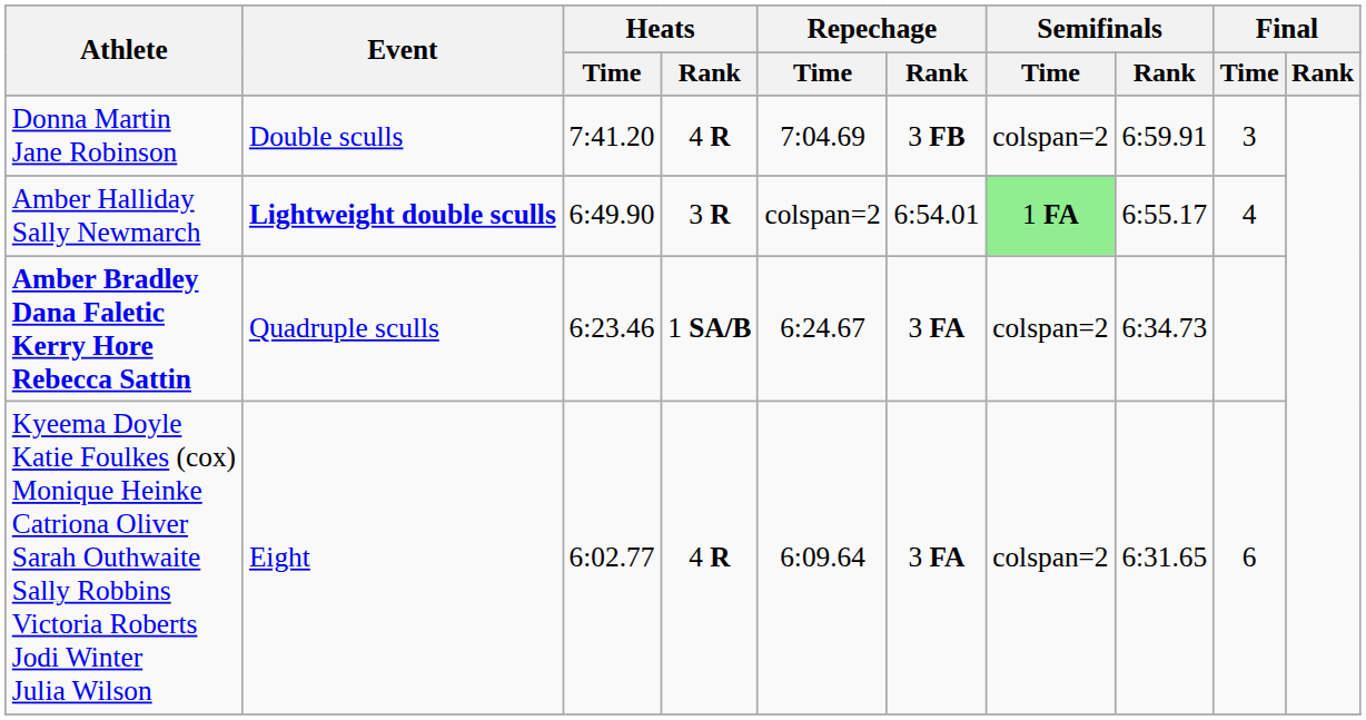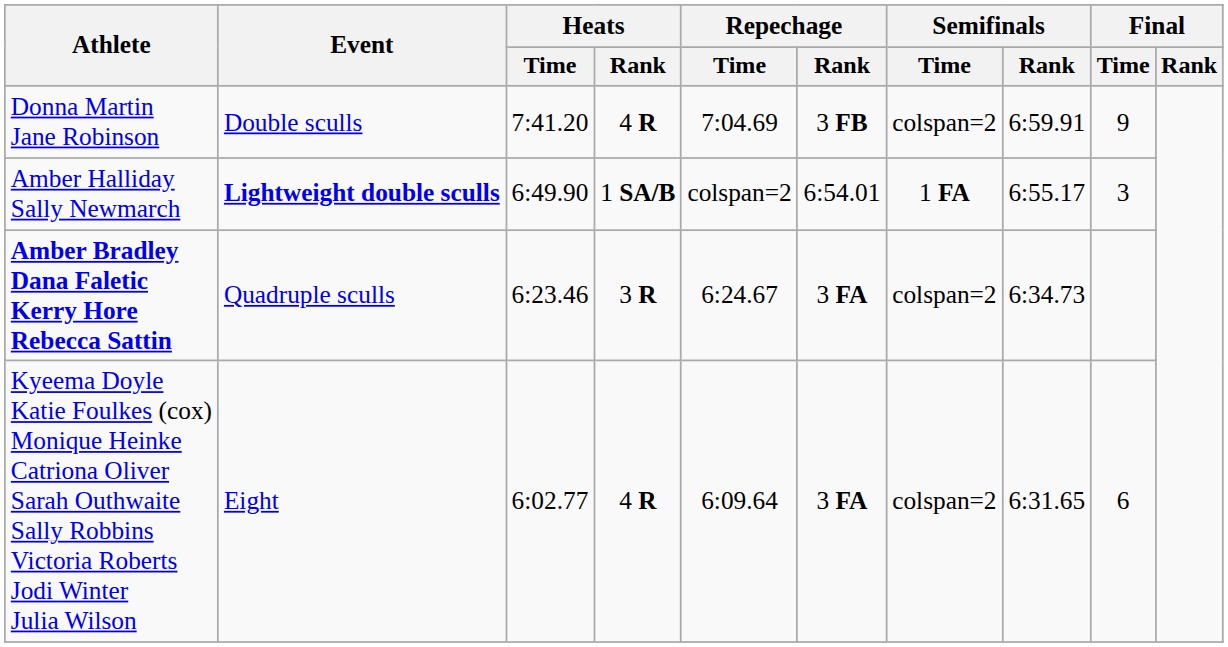 <table class="wikitable" style="font-size:90%;">
 <tr>
 <th rowspan="2">Athlete</th>
 <th rowspan="2">Event</th>
 <th colspan="2">Heats</th>
 <th colspan="2">Repechage</th>
 <th colspan="2">Semifinals</th>
 <th colspan="2">Final</th>
 </tr>
 <tr style="font-size:95%">
 <th>Time</th>
 <th>Rank</th>
 <th>Time</th>
 <th>Rank</th>
 <th>Time</th>
 <th>Rank</th>
 <th>Time</th>
 <th>Rank</th>
 </tr>
 <tr align=center>
 <td align=left><a href='#'>Donna Martin</a><br><a href='#'>Jane Robinson</a></td>
 <td align=left><a href='#'>Double sculls</a></td>
 <td>7:41.20</td>
 <td>4 <strong>R</strong></td>
 <td>7:04.69</td>
 <td>3 <strong>FB</strong></td>
 <td>colspan=2 </td>
 <td>6:59.91</td>
-<td>3</td>
+<td>9</td>
 </tr>
 <tr align=center>
 <td align=left><a href='#'>Amber Halliday</a><br><a href='#'>Sally Newmarch</a></td>
 <td align=left><strong><a href='#'>Lightweight double sculls</a></strong></td>
 <td>6:49.90 </td>
-<td>3 <strong>R</strong></td>
+<td>1 <strong>SA/B</strong></td>
 <td>colspan=2 </td>
 <td>6:54.01</td>
-<td style="background: lightgreen;">1 <strong>FA</strong></td>
+<td>1 <strong>FA</strong></td>
 <td>6:55.17</td>
-<td>4</td>
+<td>3</td>
 </tr>
 <tr align=center>
 <td align=left><strong><a href='#'>Amber Bradley</a><br><a href='#'>Dana Faletic</a><br><a href='#'>Kerry Hore</a><br><a href='#'>Rebecca Sattin</a></strong></td>
 <td align=left><a href='#'>Quadruple sculls</a></td>
 <td>6:23.46</td>
-<td>1 <strong>SA/B</strong></td>
+<td>3 <strong>R</strong></td>
 <td>6:24.67</td>
 <td>3 <strong>FA</strong></td>
 <td>colspan=2 </td>
 <td>6:34.73</td>
 <td></td>
 </tr>
 <tr align=center>
 <td align=left><a href='#'>Kyeema Doyle</a><br><a href='#'>Katie Foulkes</a> (cox)<br><a href='#'>Monique Heinke</a><br><a href='#'>Catriona Oliver</a><br><a href='#'>Sarah Outhwaite</a><br><a href='#'>Sally Robbins</a><br><a href='#'>Victoria Roberts</a><br><a href='#'>Jodi Winter</a><br><a href='#'>Julia Wilson</a></td>
 <td align=left><a href='#'>Eight</a></td>
 <td>6:02.77</td>
 <td>4 <strong>R</strong></td>
 <td>6:09.64</td>
 <td>3 <strong>FA</strong></td>
 <td>colspan=2 </td>
 <td>6:31.65</td>
 <td>6</td>
 </tr>
 </table>
